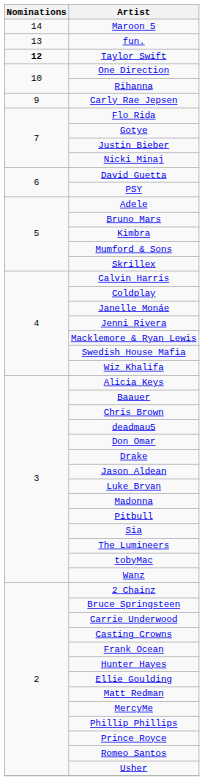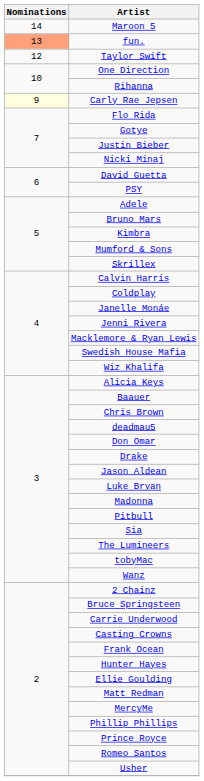 <table class="wikitable" rowspan="2" style="text-align:center;">
 <tr>
 <th scope="col" style="width:55px;">Nominations</th>
 <th scope="col" style="text-align:center;">Artist</th>
 </tr>
 <tr>
 <td style="text-align:center">14</td>
 <td><a href='#'>Maroon 5</a></td>
 </tr>
 <tr>
-<td style="text-align:center">13</td>
+<td style="background: lightsalmon; text-align:center">13</td>
 <td><a href='#'>fun.</a></td>
 </tr>
 <tr>
-<td style="text-align:center"><strong>12</strong></td>
+<td style="text-align:center">12</td>
 <td><a href='#'>Taylor Swift</a></td>
 </tr>
 <tr>
 <td rowspan="2" style="text-align:center">10</td>
 <td><a href='#'>One Direction</a></td>
 </tr>
 <tr>
 <td><a href='#'>Rihanna</a></td>
 </tr>
 <tr>
-<td style="text-align:center">9</td>
+<td style="background: lightyellow; text-align:center">9</td>
 <td><a href='#'>Carly Rae Jepsen</a></td>
 </tr>
 <tr>
 <td rowspan="4" style="text-align:center">7</td>
 <td><a href='#'>Flo Rida</a></td>
 </tr>
 <tr>
 <td><a href='#'>Gotye</a></td>
 </tr>
 <tr>
 <td><a href='#'>Justin Bieber</a></td>
 </tr>
 <tr>
 <td><a href='#'>Nicki Minaj</a></td>
 </tr>
 <tr>
 <td rowspan="2" style="text-align:center">6</td>
 <td><a href='#'>David Guetta</a></td>
 </tr>
 <tr>
 <td><a href='#'>PSY</a></td>
 </tr>
 <tr>
 <td rowspan="5" style="text-align:center">5</td>
 <td><a href='#'>Adele</a></td>
 </tr>
 <tr>
 <td><a href='#'>Bruno Mars</a></td>
 </tr>
 <tr>
 <td><a href='#'>Kimbra</a></td>
 </tr>
 <tr>
 <td><a href='#'>Mumford & Sons</a></td>
 </tr>
 <tr>
 <td><a href='#'>Skrillex</a></td>
 </tr>
 <tr>
 <td rowspan="7" style="text-align:center">4</td>
 <td><a href='#'>Calvin Harris</a></td>
 </tr>
 <tr>
 <td><a href='#'>Coldplay</a></td>
 </tr>
 <tr>
 <td><a href='#'>Janelle Monáe</a></td>
 </tr>
 <tr>
 <td><a href='#'>Jenni Rivera</a></td>
 </tr>
 <tr>
 <td><a href='#'>Macklemore & Ryan Lewis</a></td>
 </tr>
 <tr>
 <td><a href='#'>Swedish House Mafia</a></td>
 </tr>
 <tr>
 <td><a href='#'>Wiz Khalifa</a></td>
 </tr>
 <tr>
 <td rowspan="14" style="text-align:center">3</td>
 <td><a href='#'>Alicia Keys</a></td>
 </tr>
 <tr>
 <td><a href='#'>Baauer</a></td>
 </tr>
 <tr>
 <td><a href='#'>Chris Brown</a></td>
 </tr>
 <tr>
 <td><a href='#'>deadmau5</a></td>
 </tr>
 <tr>
 <td><a href='#'>Don Omar</a></td>
 </tr>
 <tr>
 <td><a href='#'>Drake</a></td>
 </tr>
 <tr>
 <td><a href='#'>Jason Aldean</a></td>
 </tr>
 <tr>
 <td><a href='#'>Luke Bryan</a></td>
 </tr>
 <tr>
 <td><a href='#'>Madonna</a></td>
 </tr>
 <tr>
 <td><a href='#'>Pitbull</a></td>
 </tr>
 <tr>
 <td><a href='#'>Sia</a></td>
 </tr>
 <tr>
 <td><a href='#'>The Lumineers</a></td>
 </tr>
 <tr>
 <td><a href='#'>tobyMac</a></td>
 </tr>
 <tr>
 <td><a href='#'>Wanz</a></td>
 </tr>
 <tr>
 <td rowspan="13" style="text-align:center">2</td>
 <td><a href='#'>2 Chainz</a></td>
 </tr>
 <tr>
 <td><a href='#'>Bruce Springsteen</a></td>
 </tr>
 <tr>
 <td><a href='#'>Carrie Underwood</a></td>
 </tr>
 <tr>
 <td><a href='#'>Casting Crowns</a></td>
 </tr>
 <tr>
 <td><a href='#'>Frank Ocean</a></td>
 </tr>
 <tr>
 <td><a href='#'>Hunter Hayes</a></td>
 </tr>
 <tr>
 <td><a href='#'>Ellie Goulding</a></td>
 </tr>
 <tr>
 <td><a href='#'>Matt Redman</a></td>
 </tr>
 <tr>
 <td><a href='#'>MercyMe</a></td>
 </tr>
 <tr>
 <td><a href='#'>Phillip Phillips</a></td>
 </tr>
 <tr>
 <td><a href='#'>Prince Royce</a></td>
 </tr>
 <tr>
 <td><a href='#'>Romeo Santos</a></td>
 </tr>
 <tr>
 <td><a href='#'>Usher</a></td>
 </tr>
 <tr>
 </tr>
 </table>
